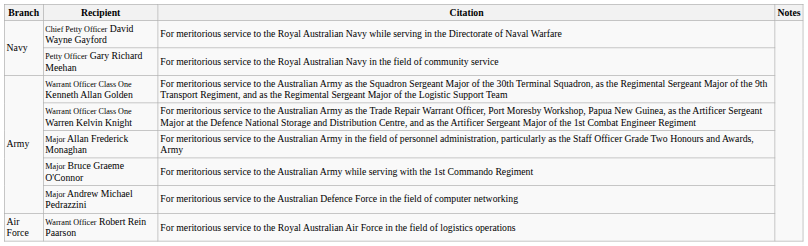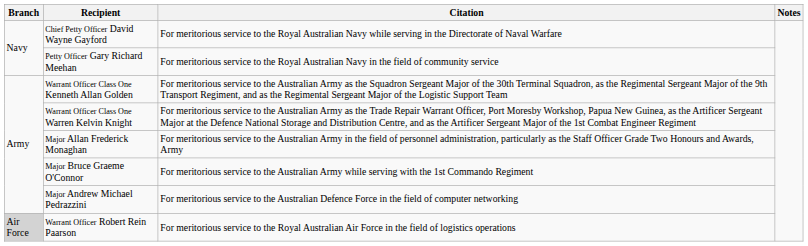 <table class="wikitable" style="font-size:95%;">
 <tr>
 <th>Branch</th>
 <th>Recipient</th>
 <th>Citation</th>
 <th>Notes</th>
 </tr>
 <tr>
 <td rowspan=2>Navy</td>
 <td><small>Chief Petty Officer</small> David Wayne Gayford</td>
 <td>For meritorious service to the Royal Australian Navy while serving in the Directorate of Naval Warfare</td>
 <td rowspan=8></td>
 </tr>
 <tr>
 <td><small>Petty Officer</small> Gary Richard Meehan</td>
 <td>For meritorious service to the Royal Australian Navy in the field of community service</td>
 </tr>
 <tr>
 <td rowspan=5>Army</td>
 <td><small>Warrant Officer Class One</small> Kenneth Allan Golden</td>
 <td>For meritorious service to the Australian Army as the Squadron Sergeant Major of the 30th Terminal Squadron, as the Regimental Sergeant Major of the 9th Transport Regiment, and as the Regimental Sergeant Major of the Logistic Support Team</td>
 </tr>
 <tr>
 <td><small>Warrant Officer Class One</small> Warren Kelvin Knight</td>
 <td>For meritorious service to the Australian Army as the Trade Repair Warrant Officer, Port Moresby Workshop, Papua New Guinea, as the Artificer Sergeant Major at the Defence National Storage and Distribution Centre, and as the Artificer Sergeant Major of the 1st Combat Engineer Regiment</td>
 </tr>
 <tr>
 <td><small>Major</small> Allan Frederick Monaghan</td>
 <td>For meritorious service to the Australian Army in the field of personnel administration, particularly as the Staff Officer Grade Two Honours and Awards, Army</td>
 </tr>
 <tr>
 <td><small>Major</small> Bruce Graeme O'Connor</td>
 <td>For meritorious service to the Australian Army while serving with the 1st Commando Regiment</td>
 </tr>
 <tr>
 <td><small>Major</small> Andrew Michael Pedrazzini</td>
 <td>For meritorious service to the Australian Defence Force in the field of computer networking</td>
 </tr>
 <tr>
-<td rowspan=1>Air Force</td>
+<td rowspan=1 style="background: lightgrey;">Air Force</td>
 <td><small>Warrant Officer</small> Robert Rein Paarson</td>
 <td>For meritorious service to the Royal Australian Air Force in the field of logistics operations</td>
 </tr>
 </table>
